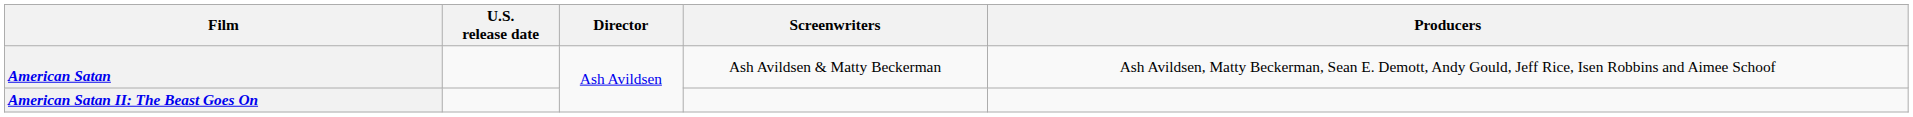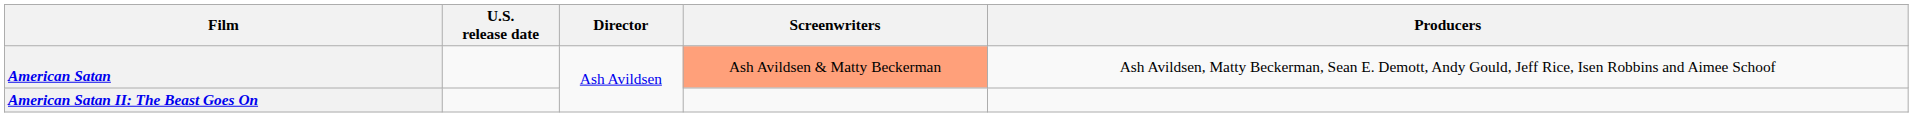 <table class="wikitable plainrowheaders" style="text-align:center" width=100%>
 <tr>
 <th scope="col" style="width:23%;">Film</th>
 <th scope="col">U.S. <br>release date</th>
 <th scope="col">Director</th>
 <th scope="col">Screenwriters</th>
 <th scope="col">Producers</th>
 </tr>
 <tr>
 <th scope="row" style="text-align:left"><br><em><a href='#'>American Satan</a></em></th>
 <td style="text-align:center"></td>
 <td rowspan="2"><a href='#'>Ash Avildsen</a></td>
-<td>Ash Avildsen & Matty Beckerman</td>
+<td style="background: lightsalmon;">Ash Avildsen & Matty Beckerman</td>
 <td>Ash Avildsen, Matty Beckerman, Sean E. Demott, Andy Gould, Jeff Rice, Isen Robbins and Aimee Schoof</td>
 </tr>
 <tr>
 <th scope="row" style="text-align:left"><em><a href='#'>American Satan II: The Beast Goes On</a></em></th>
 <td></td>
 <td></td>
 <td></td>
 </tr>
 </table>
